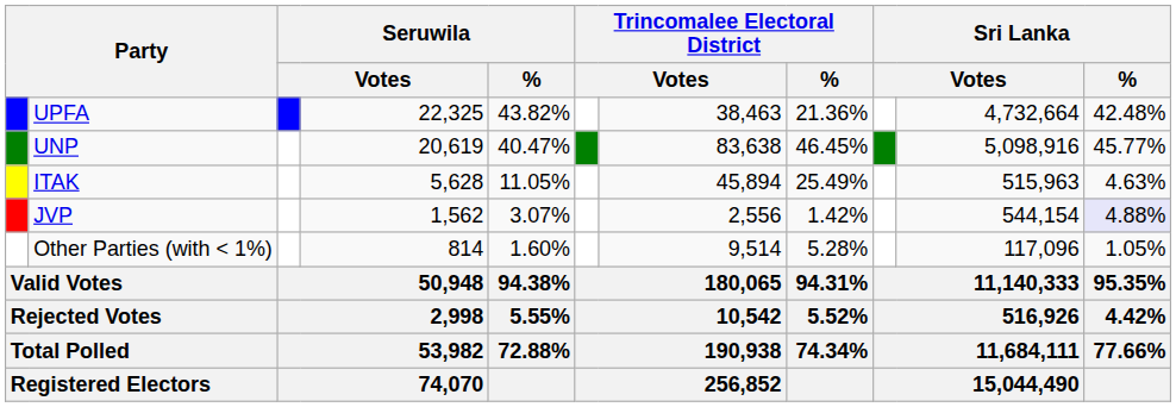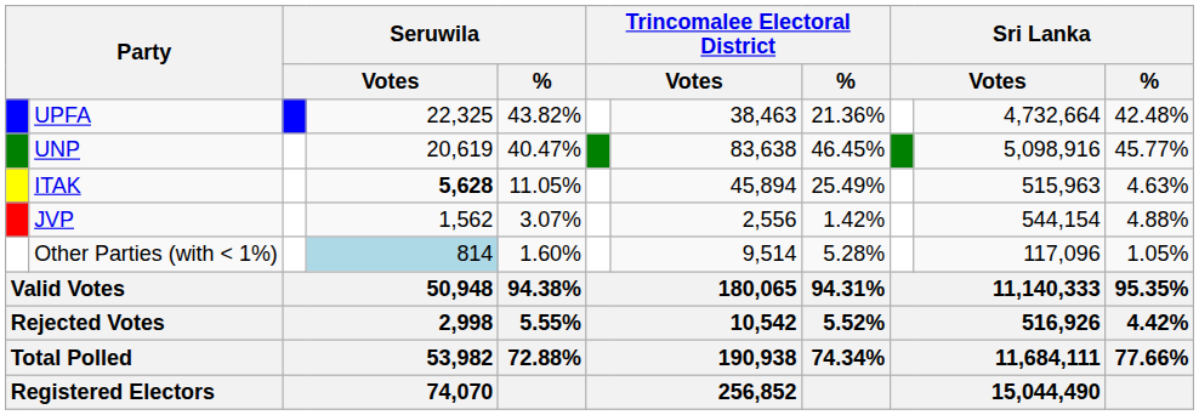 <table class="wikitable">
 <tr>
 <th colspan="2" width="144px"rowspan="2">Party</th>
 <th colspan="3" width="216px">Seruwila</th>
 <th colspan="3" width="216px"><a href='#'>Trincomalee Electoral District</a></th>
 <th colspan="3" width="216px">Sri Lanka</th>
 </tr>
 <tr>
 <th colspan="2" width="144px">Votes</th>
 <th>%</th>
 <th colspan="2" width="144px">Votes</th>
 <th>%</th>
 <th colspan="2" width="144px">Votes</th>
 <th>%</th>
 </tr>
 <tr>
 <td style="background-color:blue;" width="10px"></td>
 <td style="text-align:left;"><a href='#'>UPFA</a></td>
 <td style="background-color:blue;" width="10px"></td>
 <td style="text-align:right;">22,325</td>
 <td style="text-align:right;">43.82%</td>
 <td style="background-color:white;" width="10px"></td>
 <td style="text-align:right;">38,463</td>
 <td style="text-align:right;">21.36%</td>
 <td style="background-color:white;" width="10px"></td>
 <td style="text-align:right;">4,732,664</td>
 <td style="text-align:right;">42.48%</td>
 </tr>
 <tr>
 <td style="background-color:green;" width="10px"></td>
 <td style="text-align:left;"><a href='#'>UNP</a></td>
 <td style="background-color:white;" width="10px"></td>
 <td style="text-align:right;">20,619</td>
 <td style="text-align:right;">40.47%</td>
 <td style="background-color:green;" width="10px"></td>
 <td style="text-align:right;">83,638</td>
 <td style="text-align:right;">46.45%</td>
 <td style="background-color:green;" width="10px"></td>
 <td style="text-align:right;">5,098,916</td>
 <td style="text-align:right;">45.77%</td>
 </tr>
 <tr>
 <td style="background-color:yellow;" width="10px"></td>
 <td style="text-align:left;"><a href='#'>ITAK</a></td>
 <td style="background-color:white;" width="10px"></td>
-<td style="text-align:right;">5,628</td>
+<td style="text-align:right;"><strong>5,628</strong></td>
 <td style="text-align:right;">11.05%</td>
 <td style="background-color:white;" width="10px"></td>
 <td style="text-align:right;">45,894</td>
 <td style="text-align:right;">25.49%</td>
 <td style="background-color:white;" width="10px"></td>
 <td style="text-align:right;">515,963</td>
 <td style="text-align:right;">4.63%</td>
 </tr>
 <tr>
 <td style="background-color:red;" width="10px"></td>
 <td style="text-align:left;"><a href='#'>JVP</a></td>
 <td style="background-color:white;" width="10px"></td>
 <td style="text-align:right;">1,562</td>
 <td style="text-align:right;">3.07%</td>
 <td style="background-color:white;" width="10px"></td>
 <td style="text-align:right;">2,556</td>
 <td style="text-align:right;">1.42%</td>
 <td style="background-color:white;" width="10px"></td>
 <td style="text-align:right;">544,154</td>
-<td style="background: lavender; text-align:right;">4.88%</td>
+<td style="text-align:right;">4.88%</td>
 </tr>
 <tr>
 <td style="background-color:white;" width="10px"></td>
 <td style="text-align:left;">Other Parties (with < 1%)</td>
 <td style="background-color:white;" width="10px"></td>
-<td style="text-align:right;">814</td>
+<td style="background: lightblue; text-align:right;">814</td>
 <td style="text-align:right;">1.60%</td>
 <td style="background-color:white;" width="10px"></td>
 <td style="text-align:right;">9,514</td>
 <td style="text-align:right;">5.28%</td>
 <td style="background-color:white;" width="10px"></td>
 <td style="text-align:right;">117,096</td>
 <td style="text-align:right;">1.05%</td>
 </tr>
 <tr>
 <th colspan="2" width="144px"style="text-align:left;">Valid Votes</th>
 <th style="text-align:right;"colspan="2" width="144px">50,948</th>
 <th style="text-align:right;">94.38%</th>
 <th style="text-align:right;"colspan="2" width="144px">180,065</th>
 <th style="text-align:right;">94.31%</th>
 <th style="text-align:right;"colspan="2" width="144px">11,140,333</th>
 <th style="text-align:right;">95.35%</th>
 </tr>
 <tr>
 <th colspan="2" width="144px"style="text-align:left;">Rejected Votes</th>
 <th style="text-align:right;"colspan="2" width="144px">2,998</th>
 <th style="text-align:right;">5.55%</th>
 <th style="text-align:right;"colspan="2" width="144px">10,542</th>
 <th style="text-align:right;">5.52%</th>
 <th style="text-align:right;"colspan="2" width="144px">516,926</th>
 <th style="text-align:right;">4.42%</th>
 </tr>
 <tr>
 <th colspan="2" width="144px"style="text-align:left;">Total Polled</th>
 <th style="text-align:right;"colspan="2" width="144px">53,982</th>
 <th style="text-align:right;">72.88%</th>
 <th style="text-align:right;"colspan="2" width="144px">190,938</th>
 <th style="text-align:right;">74.34%</th>
 <th style="text-align:right;"colspan="2" width="144px">11,684,111</th>
 <th style="text-align:right;">77.66%</th>
 </tr>
 <tr>
 <th colspan="2" width="144px"style="text-align:left;">Registered Electors</th>
 <th style="text-align:right;"colspan="2" width="144px">74,070</th>
 <th></th>
 <th style="text-align:right;"colspan="2" width="144px">256,852</th>
 <th></th>
 <th style="text-align:right;"colspan="2" width="144px">15,044,490</th>
 <th></th>
 </tr>
 </table>
